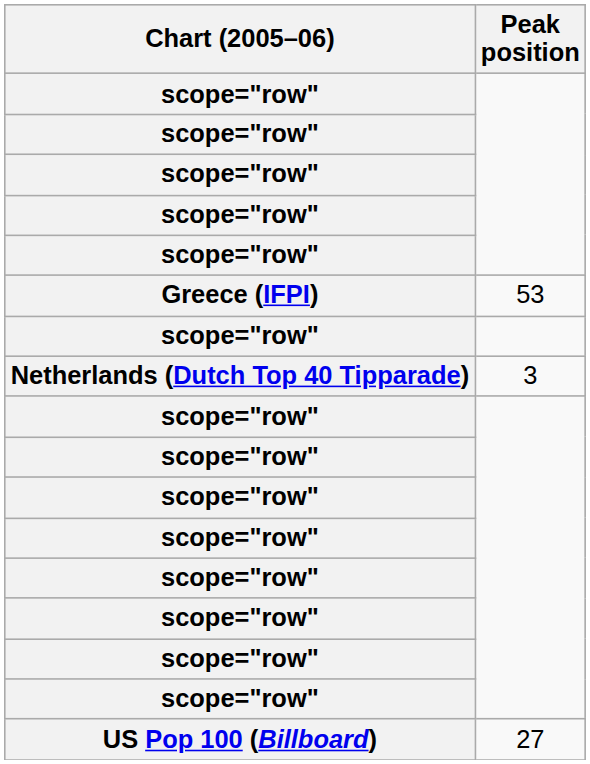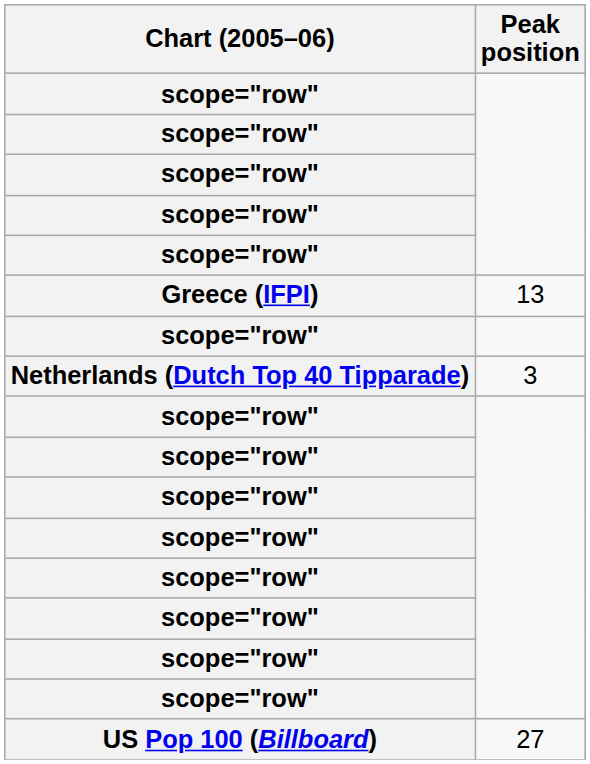 <table class="wikitable sortable plainrowheaders" style="text-align:center;">
 <tr>
 <th scope="col">Chart (2005–06)</th>
 <th scope="col">Peak<br>position</th>
 </tr>
 <tr>
 <th>scope="row"</th>
 </tr>
 <tr>
 <th>scope="row"</th>
 </tr>
 <tr>
 <th>scope="row"</th>
 </tr>
 <tr>
 <th>scope="row"</th>
 </tr>
 <tr>
 <th>scope="row"</th>
 </tr>
 <tr>
 <th scope="row">Greece (<a href='#'>IFPI</a>)</th>
-<td>53</td>
+<td>13</td>
 </tr>
 <tr>
 <th>scope="row"</th>
 </tr>
 <tr>
 <th scope="row">Netherlands (<a href='#'>Dutch Top 40 Tipparade</a>)</th>
 <td>3</td>
 </tr>
 <tr>
 <th>scope="row"</th>
 </tr>
 <tr>
 <th>scope="row"</th>
 </tr>
 <tr>
 <th>scope="row"</th>
 </tr>
 <tr>
 <th>scope="row"</th>
 </tr>
 <tr>
 <th>scope="row"</th>
 </tr>
 <tr>
 <th>scope="row"</th>
 </tr>
 <tr>
 <th>scope="row"</th>
 </tr>
 <tr>
 <th>scope="row"</th>
 </tr>
 <tr>
 <th scope="row">US <a href='#'>Pop 100</a> (<a href='#'><em>Billboard</em></a>)</th>
 <td>27</td>
 </tr>
 </table>
